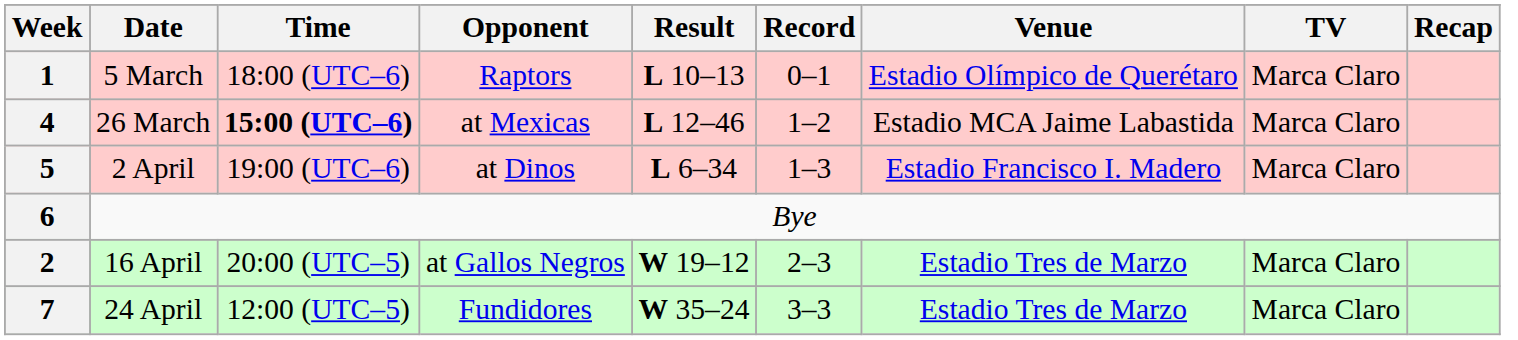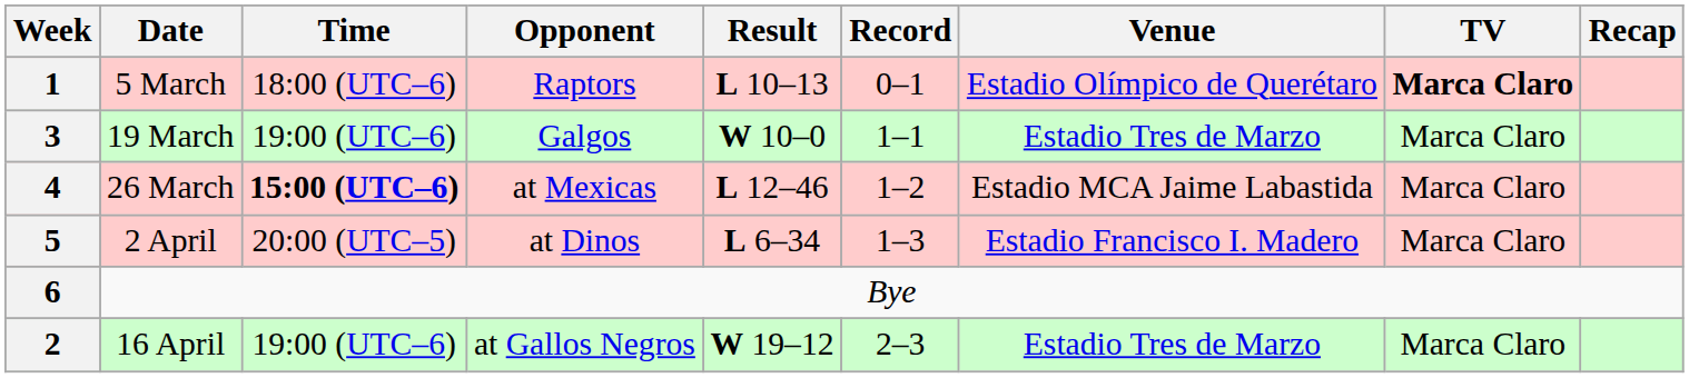 <table class="wikitable" style="text-align:center">
 <tr>
 <th>Week</th>
 <th>Date</th>
 <th>Time</th>
 <th>Opponent</th>
 <th>Result</th>
 <th>Record</th>
 <th>Venue</th>
 <th>TV</th>
 <th>Recap</th>
 </tr>
 <tr style="background:#fcc">
 <th>1</th>
 <td>5 March</td>
 <td>18:00 (<a href='#'>UTC–6</a>)</td>
 <td><a href='#'>Raptors</a></td>
 <td><strong>L</strong> 10–13</td>
 <td>0–1</td>
 <td><a href='#'>Estadio Olímpico de Querétaro</a></td>
+<td><strong>Marca Claro</strong></td>
+<td></td>
+</tr>
+<tr style="background:#cfc">
+<th>3</th>
+<td>19 March</td>
+<td>19:00 (<a href='#'>UTC–6</a>)</td>
+<td><a href='#'>Galgos</a></td>
+<td><strong>W</strong> 10–0</td>
+<td>1–1</td>
+<td><a href='#'>Estadio Tres de Marzo</a></td>
 <td>Marca Claro</td>
 <td></td>
 </tr>
 <tr style="background:#fcc">
 <th>4</th>
 <td>26 March</td>
 <td><strong>15:00 (<a href='#'>UTC–6</a>)</strong></td>
 <td>at <a href='#'>Mexicas</a></td>
 <td><strong>L</strong> 12–46</td>
 <td>1–2</td>
 <td>Estadio MCA Jaime Labastida</td>
 <td>Marca Claro</td>
 <td></td>
 </tr>
 <tr style="background:#fcc">
 <th>5</th>
 <td>2 April</td>
-<td>19:00 (<a href='#'>UTC–6</a>)</td>
+<td>20:00 (<a href='#'>UTC–5</a>)</td>
 <td>at <a href='#'>Dinos</a></td>
 <td><strong>L</strong> 6–34</td>
 <td>1–3</td>
 <td><a href='#'>Estadio Francisco I. Madero</a></td>
 <td>Marca Claro</td>
 <td></td>
 </tr>
 <tr>
 <th>6</th>
 <td colspan=8><em>Bye</em></td>
 </tr>
 <tr style="background:#cfc">
 <th>2</th>
 <td>16 April</td>
-<td>20:00 (<a href='#'>UTC–5</a>)</td>
+<td>19:00 (<a href='#'>UTC–6</a>)</td>
 <td>at <a href='#'>Gallos Negros</a></td>
 <td><strong>W</strong> 19–12</td>
 <td>2–3</td>
 <td><a href='#'>Estadio Tres de Marzo</a></td>
 <td>Marca Claro</td>
 <td></td>
 </tr>
-<tr style="background:#cfc">
-<th>7</th>
-<td>24 April</td>
-<td>12:00 (<a href='#'>UTC–5</a>)</td>
-<td><a href='#'>Fundidores</a></td>
-<td><strong>W</strong> 35–24</td>
-<td>3–3</td>
-<td><a href='#'>Estadio Tres de Marzo</a></td>
-<td>Marca Claro</td>
-<td></td>
-</tr>
 </table>
